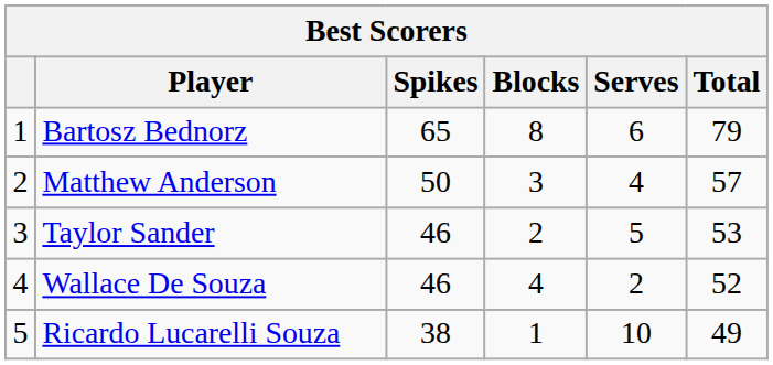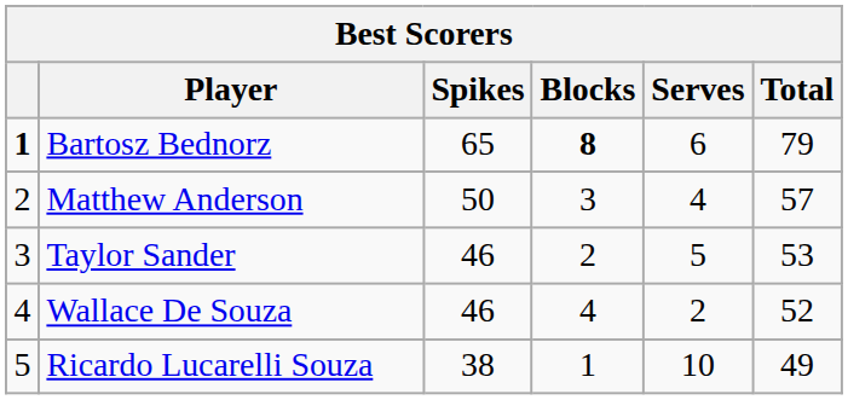 <table class="wikitable sortable" style=font-size:90%>
 <tr>
 <th colspan=6>Best Scorers</th>
 </tr>
 <tr>
 <th></th>
 <th width=158>Player</th>
 <th width=20>Spikes</th>
 <th width=20>Blocks</th>
 <th width=20>Serves</th>
 <th width=20>Total</th>
 </tr>
 <tr>
-<td>1</td>
+<td><strong>1</strong></td>
 <td> <a href='#'>Bartosz Bednorz</a></td>
 <td align=center>65</td>
-<td align=center>8</td>
+<td align=center><strong>8</strong></td>
 <td align=center>6</td>
 <td align=center>79</td>
 </tr>
 <tr>
 <td>2</td>
 <td> <a href='#'>Matthew Anderson</a></td>
 <td align=center>50</td>
 <td align=center>3</td>
 <td align=center>4</td>
 <td align=center>57</td>
 </tr>
 <tr>
 <td>3</td>
 <td> <a href='#'>Taylor Sander</a></td>
 <td align=center>46</td>
 <td align=center>2</td>
 <td align=center>5</td>
 <td align=center>53</td>
 </tr>
 <tr>
 <td>4</td>
 <td> <a href='#'>Wallace De Souza</a></td>
 <td align=center>46</td>
 <td align=center>4</td>
 <td align=center>2</td>
 <td align=center>52</td>
 </tr>
 <tr>
 <td>5</td>
 <td> <a href='#'>Ricardo Lucarelli Souza</a></td>
 <td align=center>38</td>
 <td align=center>1</td>
 <td align=center>10</td>
 <td align=center>49</td>
 </tr>
 </table>
